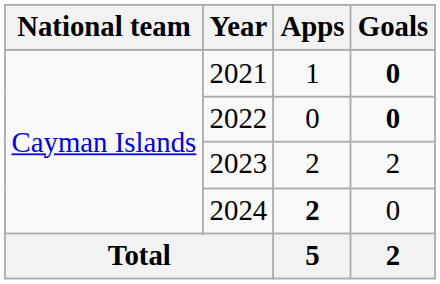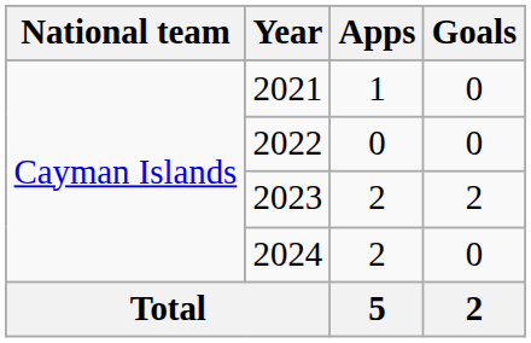 <table class="wikitable" style="text-align:center">
 <tr>
 <th>National team</th>
 <th>Year</th>
 <th>Apps</th>
 <th>Goals</th>
 </tr>
 <tr>
 <td rowspan="4"><a href='#'>Cayman Islands</a></td>
 <td>2021</td>
 <td>1</td>
-<td><strong>0</strong></td>
+<td>0</td>
 </tr>
 <tr>
 <td>2022</td>
 <td>0</td>
-<td><strong>0</strong></td>
+<td>0</td>
 </tr>
 <tr>
 <td>2023</td>
 <td>2</td>
 <td>2</td>
 </tr>
 <tr>
 <td>2024</td>
-<td><strong>2</strong></td>
+<td>2</td>
 <td>0</td>
 </tr>
 <tr>
 <th colspan=2>Total</th>
 <th>5</th>
 <th>2</th>
 </tr>
 </table>
